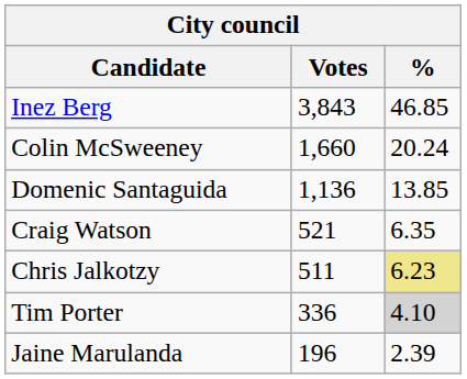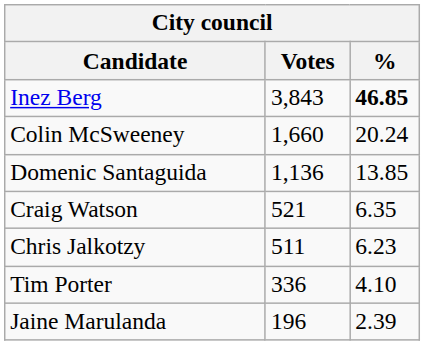 <table class="wikitable">
 <tr>
 <th colspan="3">City council</th>
 </tr>
 <tr>
 <th style="width: 170px">Candidate</th>
 <th style="width: 50px">Votes</th>
 <th style="width: 40px">%</th>
 </tr>
 <tr>
 <td><a href='#'>Inez Berg</a></td>
 <td>3,843</td>
-<td>46.85</td>
+<td><strong>46.85</strong></td>
 </tr>
 <tr>
 <td>Colin McSweeney</td>
 <td>1,660</td>
 <td>20.24</td>
 </tr>
 <tr>
 <td>Domenic Santaguida</td>
 <td>1,136</td>
 <td>13.85</td>
 </tr>
 <tr>
 <td>Craig Watson</td>
 <td>521</td>
 <td>6.35</td>
 </tr>
 <tr>
 <td>Chris Jalkotzy</td>
 <td>511</td>
-<td style="background: khaki;">6.23</td>
+<td>6.23</td>
 </tr>
 <tr>
 <td>Tim Porter</td>
 <td>336</td>
-<td style="background: lightgrey;">4.10</td>
+<td>4.10</td>
 </tr>
 <tr>
 <td>Jaine Marulanda</td>
 <td>196</td>
 <td>2.39</td>
 </tr>
 </table>
